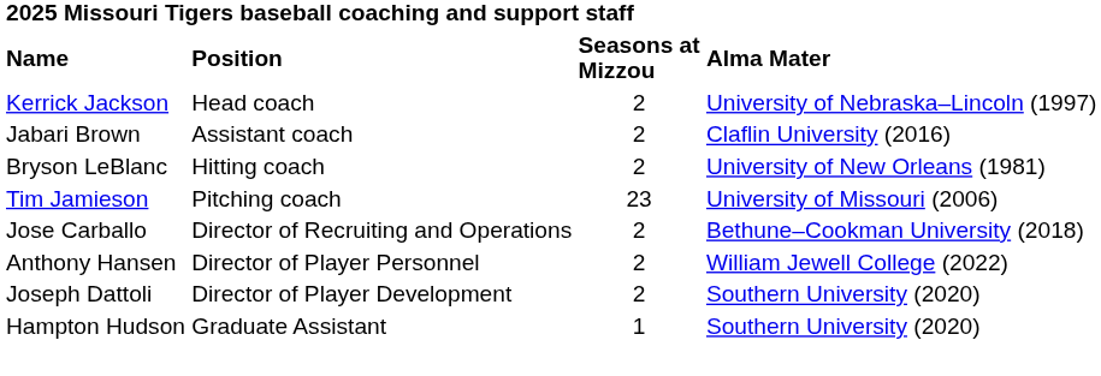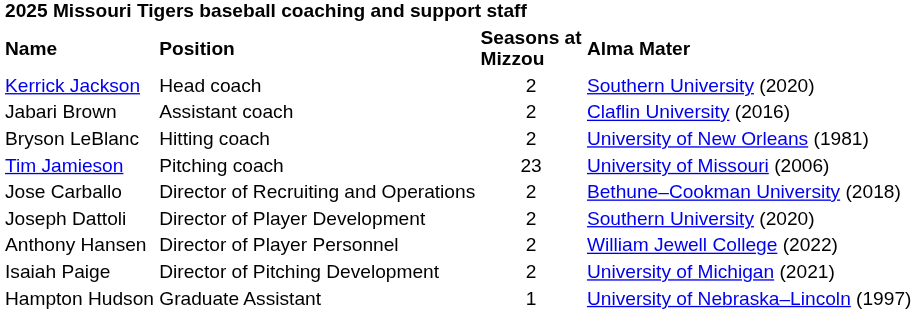 <table class="toccolours" style="text-align: left; font-size:90%;">
 <tr>
 <th colspan="4">2025 Missouri Tigers baseball coaching and support staff</th>
 </tr>
 <tr>
 <th>Name</th>
 <th>Position</th>
 <th>Seasons at<br>Mizzou</th>
 <th>Alma Mater</th>
 </tr>
 <tr>
 <td><a href='#'>Kerrick Jackson</a></td>
 <td>Head coach</td>
 <td align=center>2</td>
-<td><a href='#'>University of Nebraska–Lincoln</a> (1997)</td>
+<td><a href='#'>Southern University</a> (2020)</td>
 </tr>
 <tr>
 <td>Jabari Brown</td>
 <td>Assistant coach</td>
 <td align=center>2</td>
 <td><a href='#'>Claflin University</a> (2016)</td>
 </tr>
 <tr>
 <td>Bryson LeBlanc</td>
 <td>Hitting coach</td>
 <td align=center>2</td>
 <td><a href='#'>University of New Orleans</a> (1981)</td>
 </tr>
 <tr>
 <td><a href='#'>Tim Jamieson</a></td>
 <td>Pitching coach</td>
 <td align=center>23</td>
 <td><a href='#'>University of Missouri</a> (2006)</td>
 </tr>
 <tr>
 <td>Jose Carballo</td>
 <td>Director of Recruiting and Operations</td>
 <td align=center>2</td>
 <td><a href='#'>Bethune–Cookman University</a> (2018)</td>
 </tr>
 <tr>
+<td>Joseph Dattoli</td>
+<td>Director of Player Development</td>
+<td align=center>2</td>
+<td><a href='#'>Southern University</a> (2020)</td>
+</tr>
+<tr>
 <td>Anthony Hansen</td>
 <td>Director of Player Personnel</td>
 <td align=center>2</td>
 <td><a href='#'>William Jewell College</a> (2022)</td>
 </tr>
 <tr>
-<td>Joseph Dattoli</td>
-<td>Director of Player Development</td>
+<td>Isaiah Paige</td>
+<td>Director of Pitching Development</td>
 <td align=center>2</td>
-<td><a href='#'>Southern University</a> (2020)</td>
+<td><a href='#'>University of Michigan</a> (2021)</td>
 </tr>
 <tr>
 <td>Hampton Hudson</td>
 <td>Graduate Assistant</td>
 <td align=center>1</td>
-<td><a href='#'>Southern University</a> (2020)</td>
+<td><a href='#'>University of Nebraska–Lincoln</a> (1997)</td>
 </tr>
 </table>
